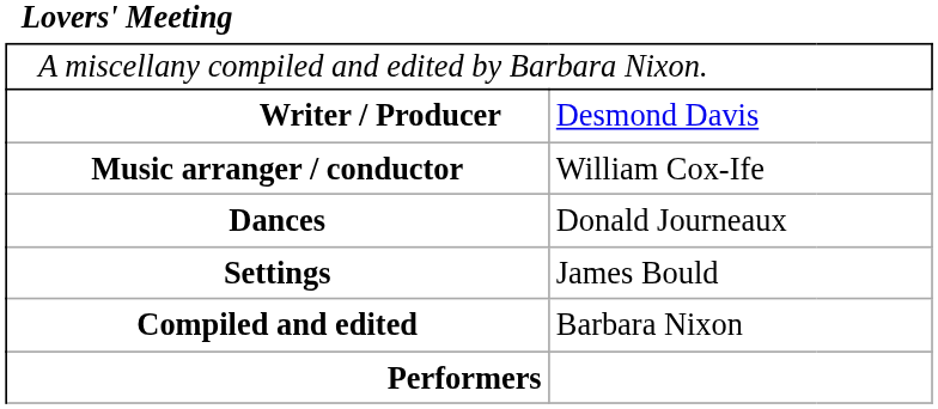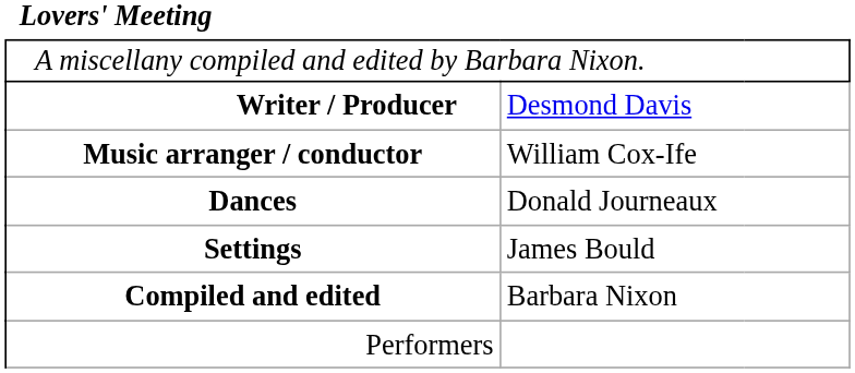 <table class="wikitable mw-collapsible mw-collapsed" style="vertical-align:top;margin:auto 2em;line-height:1.2;max-width:33em;background-color:inherit;border:none;">
 <tr>
 <td class=unsortable style="border:hidden;line-height:1.67;margin-left:-1em;text-align:center;padding-left:0.5em;min-width:1.0em;"></td>
 <td class=unsortable style="border-style:none;padding-left:0.5em;text-align:left;min-width:16.5em;font-weight:700;font-style:italic;">Lovers' Meeting </td>
 <td class=unsortable style="border:none;text-align:right;font-weight:normal; font-size:95%; min-width:8.5em;padding-right:0.2em;"></td>
 <td class=unsortable style="border:none;min-width:3.5em;padding-left:0;"></td>
 <td class=unsortable style="border:hidden;min-width:3.5em;font-size:95%;"></td>
 </tr>
 <tr>
 <td rowspan=100 style="border:none thin;border-right-style :solid;"></td>
 <td colspan=3 style="text-align:left;padding:0.1em 1em;font-style:italic;border: solid thin;">A miscellany compiled and edited by Barbara Nixon.</td>
 </tr>
 <tr>
 <td style="text-align:left;padding-left:8.0em;font-weight:bold;">Writer / Producer</td>
 <td colspan=2><a href='#'>Desmond Davis</a></td>
 </tr>
 <tr>
 <td style="text-align:center;font-weight:bold;">Music arranger / conductor</td>
 <td colspan=2>William Cox-Ife</td>
 </tr>
 <tr>
 <td style="text-align:center;font-weight:bold;">Dances</td>
 <td colspan=2>Donald Journeaux</td>
 </tr>
 <tr>
 <td style="text-align:center;font-weight:bold;">Settings</td>
 <td colspan=2>James Bould</td>
 </tr>
 <tr>
 <td style="text-align:center;font-weight:bold;">Compiled and edited</td>
 <td colspan=2>Barbara Nixon</td>
 </tr>
 <tr>
-<td style="text-align:right;"><strong>Performers</strong></td>
+<td style="text-align:right;">Performers</td>
 <td colspan=2></td>
 </tr>
 </table>
